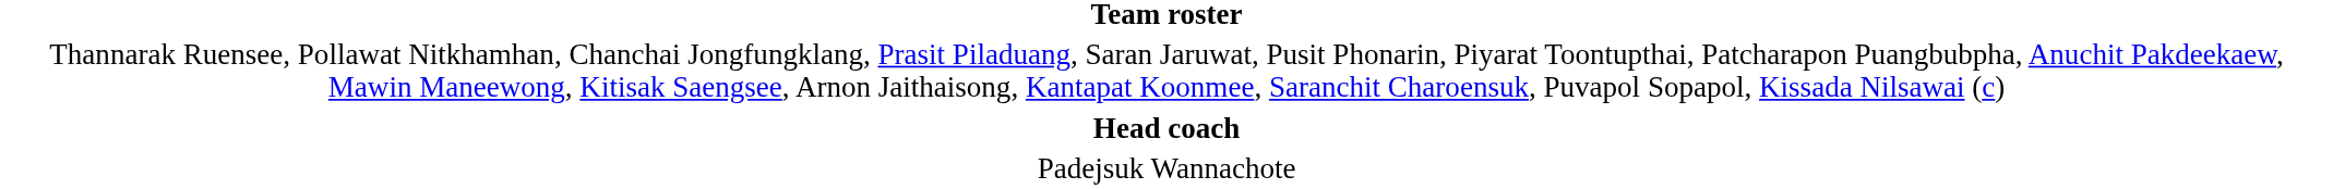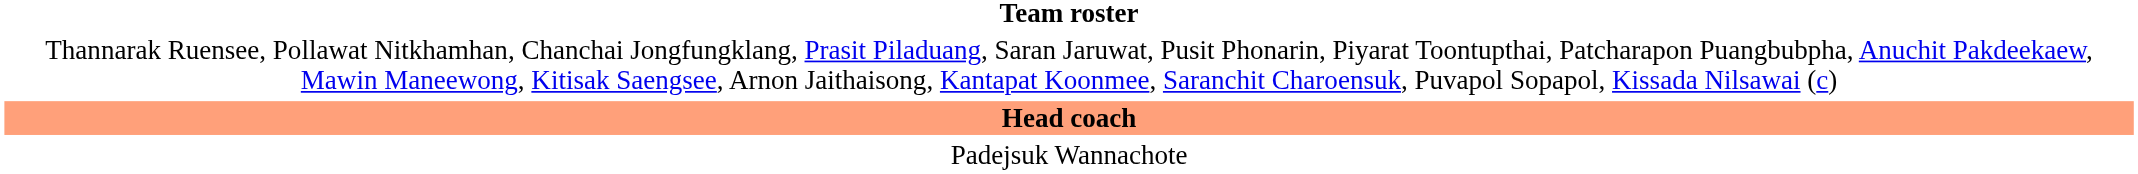 <table style="text-align: center; margin-top: 2em; margin-left: auto; margin-right: auto">
 <tr>
 <td><strong>Team roster</strong></td>
 </tr>
 <tr>
 <td>Thannarak Ruensee, Pollawat Nitkhamhan, Chanchai Jongfungklang, <a href='#'>Prasit Piladuang</a>, Saran Jaruwat, Pusit Phonarin, Piyarat Toontupthai, Patcharapon Puangbubpha, <a href='#'>Anuchit Pakdeekaew</a>, <a href='#'>Mawin Maneewong</a>, <a href='#'>Kitisak Saengsee</a>, Arnon Jaithaisong, <a href='#'>Kantapat Koonmee</a>, <a href='#'>Saranchit Charoensuk</a>, Puvapol Sopapol, <a href='#'>Kissada Nilsawai</a> (<a href='#'>c</a>)</td>
 </tr>
 <tr>
-<td><strong>Head coach</strong></td>
+<td style="background: lightsalmon;"><strong>Head coach</strong></td>
 </tr>
 <tr>
 <td>Padejsuk Wannachote</td>
 </tr>
 </table>
